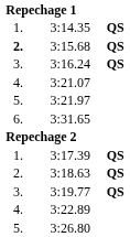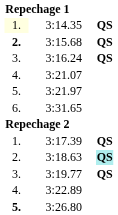 <table style="text-align:center">
 <tr>
 <td colspan=4 align=left><strong>Repechage 1</strong></td>
 </tr>
 <tr>
-<td width=30>1.</td>
+<td width=30 style="background: lightyellow;">1.</td>
 <td align=left></td>
 <td width=80>3:14.35</td>
 <td><strong>QS</strong></td>
 </tr>
 <tr>
 <td><strong>2.</strong></td>
 <td align=left></td>
 <td>3:15.68</td>
 <td><strong>QS</strong></td>
 </tr>
 <tr>
 <td>3.</td>
 <td align=left></td>
 <td>3:16.24</td>
 <td><strong>QS</strong></td>
 </tr>
 <tr>
 <td>4.</td>
 <td align=left></td>
 <td>3:21.07</td>
 <td></td>
 </tr>
 <tr>
 <td>5.</td>
 <td align=left></td>
 <td>3:21.97</td>
 <td></td>
 </tr>
 <tr>
 <td>6.</td>
 <td align=left></td>
 <td>3:31.65</td>
 <td></td>
 </tr>
 <tr>
 <td colspan=4 align=left><strong>Repechage 2</strong></td>
 </tr>
 <tr>
 <td>1.</td>
 <td align=left></td>
 <td>3:17.39</td>
 <td><strong>QS</strong></td>
 </tr>
 <tr>
 <td>2.</td>
 <td align=left></td>
 <td>3:18.63</td>
-<td><strong>QS</strong></td>
+<td style="background: paleturquoise;"><strong>QS</strong></td>
 </tr>
 <tr>
 <td>3.</td>
 <td align=left></td>
 <td>3:19.77</td>
 <td><strong>QS</strong></td>
 </tr>
 <tr>
 <td>4.</td>
 <td align=left></td>
 <td>3:22.89</td>
 <td></td>
 </tr>
 <tr>
-<td>5.</td>
+<td><strong>5.</strong></td>
 <td align=left></td>
 <td>3:26.80</td>
 <td></td>
 </tr>
 </table>
